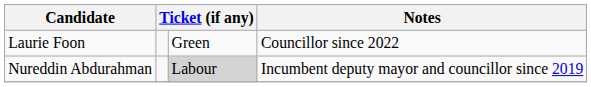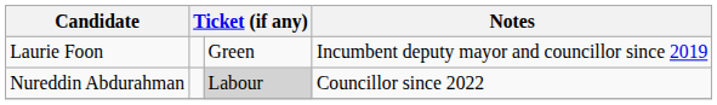 <table class="wikitable" style="font-size: 95%">
 <tr>
 <th>Candidate</th>
 <th colspan=2><a href='#'>Ticket</a> (if any)</th>
 <th>Notes</th>
 </tr>
 <tr>
 <td>Laurie Foon</td>
 <td style="background-color:"></td>
 <td>Green</td>
-<td>Councillor since 2022</td>
+<td>Incumbent deputy mayor and councillor since <a href='#'>2019</a></td>
 </tr>
 <tr>
 <td>Nureddin Abdurahman</td>
 <td style="background-color:"></td>
 <td style="background: lightgrey;">Labour</td>
-<td>Incumbent deputy mayor and councillor since <a href='#'>2019</a></td>
+<td>Councillor since 2022</td>
 </tr>
 <tr>
 </tr>
 </table>
